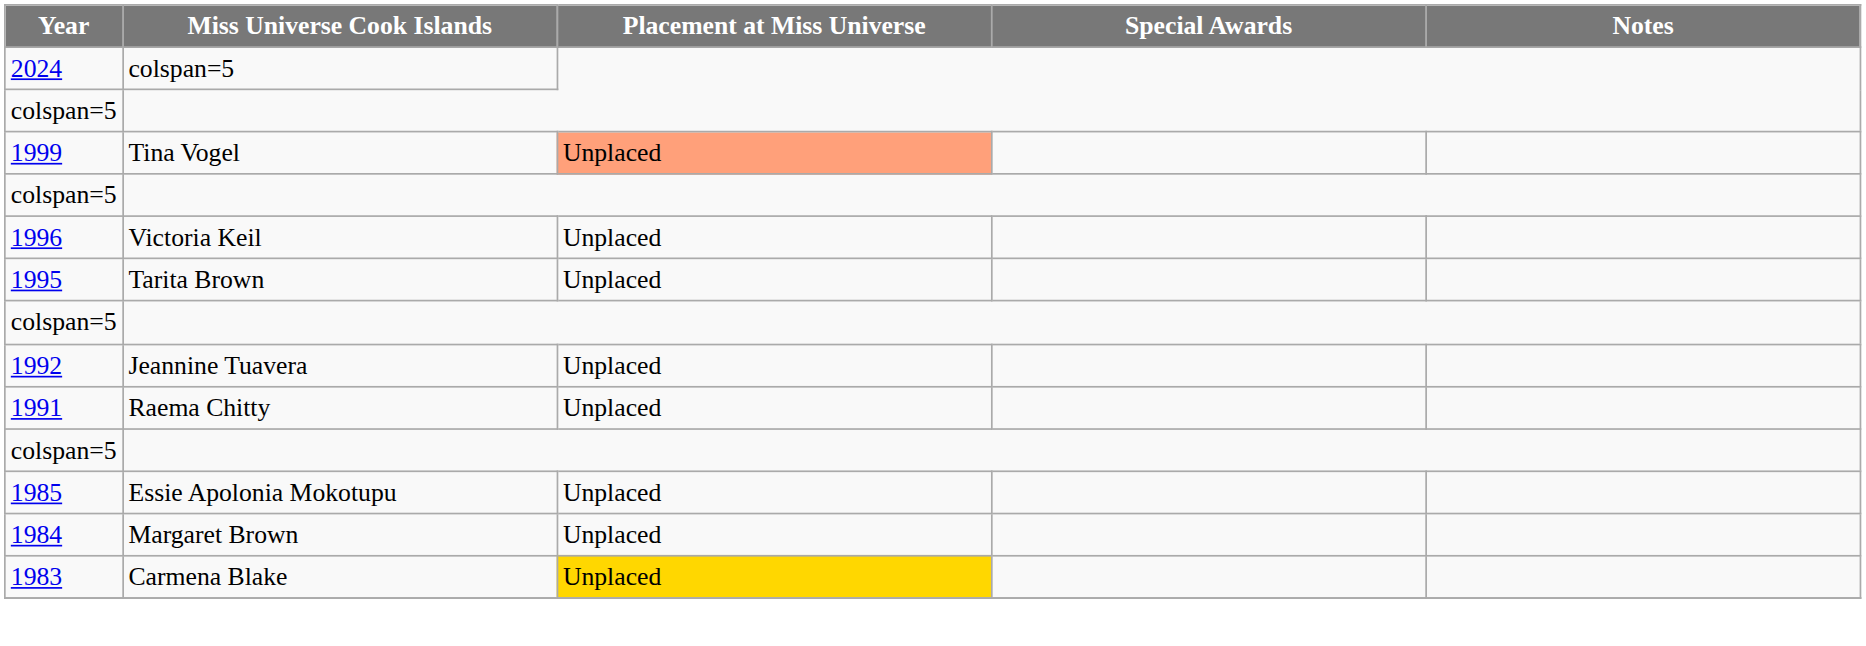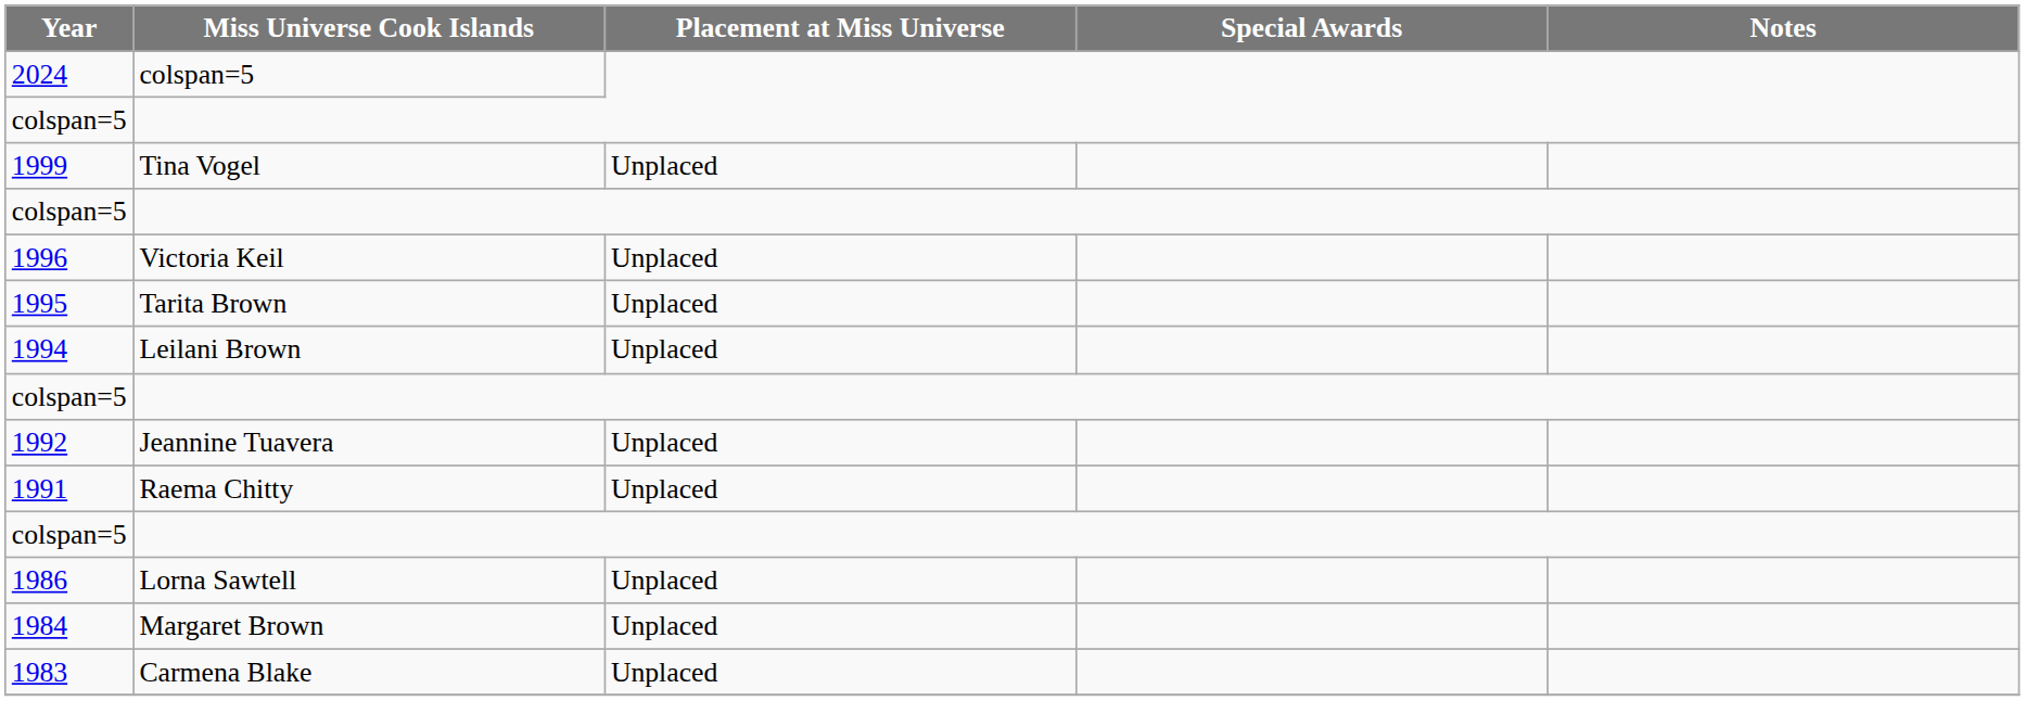 <table class="wikitable " style="font-size: 95%;">
 <tr>
 <th width="60" style="background-color:#787878;color:#FFFFFF;">Year</th>
 <th width="250" style="background-color:#787878;color:#FFFFFF;">Miss Universe Cook Islands</th>
 <th width="250" style="background-color:#787878;color:#FFFFFF;">Placement at Miss Universe</th>
 <th width="250" style="background-color:#787878;color:#FFFFFF;">Special Awards</th>
 <th width="250" style="background-color:#787878;color:#FFFFFF;">Notes</th>
 </tr>
 <tr>
 <td><a href='#'>2024</a></td>
 <td>colspan=5 </td>
 </tr>
 <tr>
 <td>colspan=5 </td>
 </tr>
 <tr>
 <td><a href='#'>1999</a></td>
 <td>Tina Vogel</td>
-<td style="background: lightsalmon;">Unplaced</td>
+<td>Unplaced</td>
 <td></td>
 <td></td>
 </tr>
 <tr>
 <td>colspan=5 </td>
 </tr>
 <tr>
 <td><a href='#'>1996</a></td>
 <td>Victoria Keil</td>
 <td>Unplaced</td>
 <td></td>
 <td></td>
 </tr>
 <tr>
 <td><a href='#'>1995</a></td>
 <td>Tarita Brown</td>
+<td>Unplaced</td>
+<td></td>
+<td></td>
+</tr>
+<tr>
+<td><a href='#'>1994</a></td>
+<td>Leilani Brown</td>
 <td>Unplaced</td>
 <td></td>
 <td></td>
 </tr>
 <tr>
 <td>colspan=5 </td>
 </tr>
 <tr>
 <td><a href='#'>1992</a></td>
 <td>Jeannine Tuavera</td>
 <td>Unplaced</td>
 <td></td>
 <td></td>
 </tr>
 <tr>
 <td><a href='#'>1991</a></td>
 <td>Raema Chitty</td>
 <td>Unplaced</td>
 <td></td>
 <td></td>
 </tr>
 <tr>
 <td>colspan=5 </td>
 </tr>
 <tr>
-<td><a href='#'>1985</a></td>
-<td>Essie Apolonia Mokotupu</td>
+<td><a href='#'>1986</a></td>
+<td>Lorna Sawtell</td>
 <td>Unplaced</td>
 <td></td>
 <td></td>
 </tr>
 <tr>
 <td><a href='#'>1984</a></td>
 <td>Margaret Brown</td>
 <td>Unplaced</td>
 <td></td>
 <td></td>
 </tr>
 <tr>
 <td><a href='#'>1983</a></td>
 <td>Carmena Blake</td>
-<td style="background: gold;">Unplaced</td>
+<td>Unplaced</td>
 <td></td>
 <td></td>
 </tr>
 <tr>
 </tr>
 </table>
